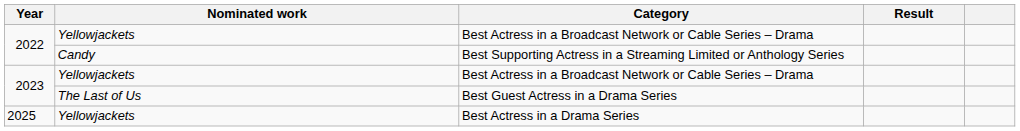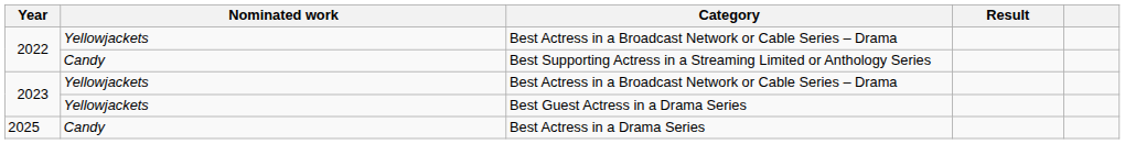 <table class="wikitable" style="width:100%;">
 <tr>
 <th style="width:5%;">Year</th>
 <th style="width:40%;">Nominated work</th>
 <th style="width:40%;">Category</th>
 <th style="width:10%;">Result</th>
 <th style="width:5%;"></th>
 </tr>
 <tr>
 <td rowspan="2" style="text-align:center;">2022</td>
 <td><em>Yellowjackets</em></td>
 <td>Best Actress in a Broadcast Network or Cable Series – Drama</td>
 <td></td>
 <td style="text-align:center;"></td>
 </tr>
 <tr>
 <td><em>Candy</em></td>
 <td>Best Supporting Actress in a Streaming Limited or Anthology Series</td>
 <td></td>
 <td style="text-align:center;"></td>
 </tr>
 <tr>
 <td rowspan="2" style="text-align:center;">2023</td>
 <td><em>Yellowjackets</em></td>
 <td>Best Actress in a Broadcast Network or Cable Series – Drama</td>
 <td></td>
 <td style="text-align:center;"></td>
 </tr>
 <tr>
-<td style="test-align:left;"><em>The Last of Us</em></td>
+<td><em>Yellowjackets</em></td>
 <td>Best Guest Actress in a Drama Series</td>
 <td></td>
 <td style="text-align:center;"></td>
 </tr>
 <tr>
 <td>2025</td>
-<td><em>Yellowjackets</em></td>
+<td><em>Candy</em></td>
 <td>Best Actress in a Drama Series</td>
 <td></td>
 <td style="text-align:center;"></td>
 </tr>
 </table>
